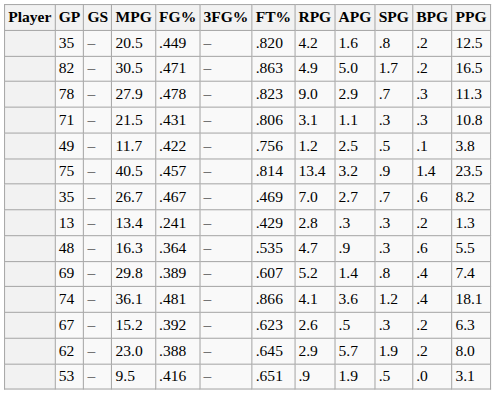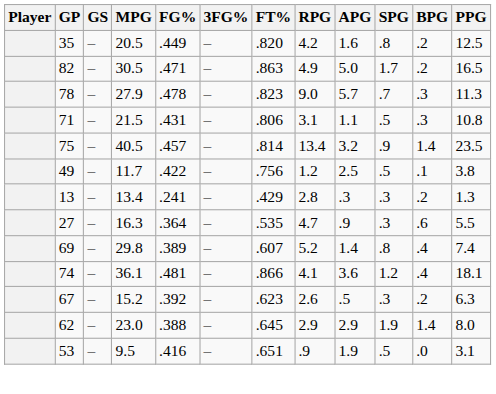 <table class="wikitable sortable" style="font-size: 90%">
 <tr>
 <th scope="col">Player</th>
 <th scope="col">GP</th>
 <th scope="col">GS</th>
 <th scope="col">MPG</th>
 <th scope="col">FG%</th>
 <th scope="col">3FG%</th>
 <th scope="col">FT%</th>
 <th scope="col">RPG</th>
 <th scope="col">APG</th>
 <th scope="col">SPG</th>
 <th scope="col">BPG</th>
 <th scope="col">PPG</th>
 </tr>
 <tr>
 <th scope="row" style="text-align:left;"></th>
 <td>35</td>
 <td>–</td>
 <td>20.5</td>
 <td>.449</td>
 <td>–</td>
 <td>.820</td>
 <td>4.2</td>
 <td>1.6</td>
 <td>.8</td>
 <td>.2</td>
 <td>12.5</td>
 </tr>
 <tr>
 <th scope="row" style="text-align:left;"></th>
 <td>82</td>
 <td>–</td>
 <td>30.5</td>
 <td>.471</td>
 <td>–</td>
 <td>.863</td>
 <td>4.9</td>
 <td>5.0</td>
 <td>1.7</td>
 <td>.2</td>
 <td>16.5</td>
 </tr>
 <tr>
 <th scope="row" style="text-align:left;"></th>
 <td>78</td>
 <td>–</td>
 <td>27.9</td>
 <td>.478</td>
 <td>–</td>
 <td>.823</td>
 <td>9.0</td>
-<td>2.9</td>
+<td>5.7</td>
 <td>.7</td>
 <td>.3</td>
 <td>11.3</td>
 </tr>
 <tr>
 <th scope="row" style="text-align:left;"></th>
 <td>71</td>
 <td>–</td>
 <td>21.5</td>
 <td>.431</td>
 <td>–</td>
 <td>.806</td>
 <td>3.1</td>
 <td>1.1</td>
-<td>.3</td>
+<td>.5</td>
 <td>.3</td>
 <td>10.8</td>
+</tr>
+<tr>
+<th scope="row" style="text-align:left;"></th>
+<td>75</td>
+<td>–</td>
+<td>40.5</td>
+<td>.457</td>
+<td>–</td>
+<td>.814</td>
+<td>13.4</td>
+<td>3.2</td>
+<td>.9</td>
+<td>1.4</td>
+<td>23.5</td>
 </tr>
 <tr>
 <th scope="row" style="text-align:left;"></th>
 <td>49</td>
 <td>–</td>
 <td>11.7</td>
 <td>.422</td>
 <td>–</td>
 <td>.756</td>
 <td>1.2</td>
 <td>2.5</td>
 <td>.5</td>
 <td>.1</td>
 <td>3.8</td>
 </tr>
 <tr>
 <th scope="row" style="text-align:left;"></th>
-<td>75</td>
-<td>–</td>
-<td>40.5</td>
-<td>.457</td>
-<td>–</td>
-<td>.814</td>
-<td>13.4</td>
-<td>3.2</td>
-<td>.9</td>
-<td>1.4</td>
-<td>23.5</td>
-</tr>
-<tr>
-<th scope="row" style="text-align:left;"></th>
-<td>35</td>
-<td>–</td>
-<td>26.7</td>
-<td>.467</td>
-<td>–</td>
-<td>.469</td>
-<td>7.0</td>
-<td>2.7</td>
-<td>.7</td>
-<td>.6</td>
-<td>8.2</td>
-</tr>
-<tr>
-<th scope="row" style="text-align:left;"></th>
 <td>13</td>
 <td>–</td>
 <td>13.4</td>
 <td>.241</td>
 <td>–</td>
 <td>.429</td>
 <td>2.8</td>
 <td>.3</td>
 <td>.3</td>
 <td>.2</td>
 <td>1.3</td>
 </tr>
 <tr>
 <th scope="row" style="text-align:left;"></th>
-<td>48</td>
+<td>27</td>
 <td>–</td>
 <td>16.3</td>
 <td>.364</td>
 <td>–</td>
 <td>.535</td>
 <td>4.7</td>
 <td>.9</td>
 <td>.3</td>
 <td>.6</td>
 <td>5.5</td>
 </tr>
 <tr>
 <th scope="row" style="text-align:left;"></th>
 <td>69</td>
 <td>–</td>
 <td>29.8</td>
 <td>.389</td>
 <td>–</td>
 <td>.607</td>
 <td>5.2</td>
 <td>1.4</td>
 <td>.8</td>
 <td>.4</td>
 <td>7.4</td>
 </tr>
 <tr>
 <th scope="row" style="text-align:left;"></th>
 <td>74</td>
 <td>–</td>
 <td>36.1</td>
 <td>.481</td>
 <td>–</td>
 <td>.866</td>
 <td>4.1</td>
 <td>3.6</td>
 <td>1.2</td>
 <td>.4</td>
 <td>18.1</td>
 </tr>
 <tr>
 <th scope="row" style="text-align:left;"></th>
 <td>67</td>
 <td>–</td>
 <td>15.2</td>
 <td>.392</td>
 <td>–</td>
 <td>.623</td>
 <td>2.6</td>
 <td>.5</td>
 <td>.3</td>
 <td>.2</td>
 <td>6.3</td>
 </tr>
 <tr>
 <th scope="row" style="text-align:left;"></th>
 <td>62</td>
 <td>–</td>
 <td>23.0</td>
 <td>.388</td>
 <td>–</td>
 <td>.645</td>
 <td>2.9</td>
-<td>5.7</td>
+<td>2.9</td>
 <td>1.9</td>
-<td>.2</td>
+<td>1.4</td>
 <td>8.0</td>
 </tr>
 <tr>
 <th scope="row" style="text-align:left;"></th>
 <td>53</td>
 <td>–</td>
 <td>9.5</td>
 <td>.416</td>
 <td>–</td>
 <td>.651</td>
 <td>.9</td>
 <td>1.9</td>
 <td>.5</td>
 <td>.0</td>
 <td>3.1</td>
 </tr>
 </table>
